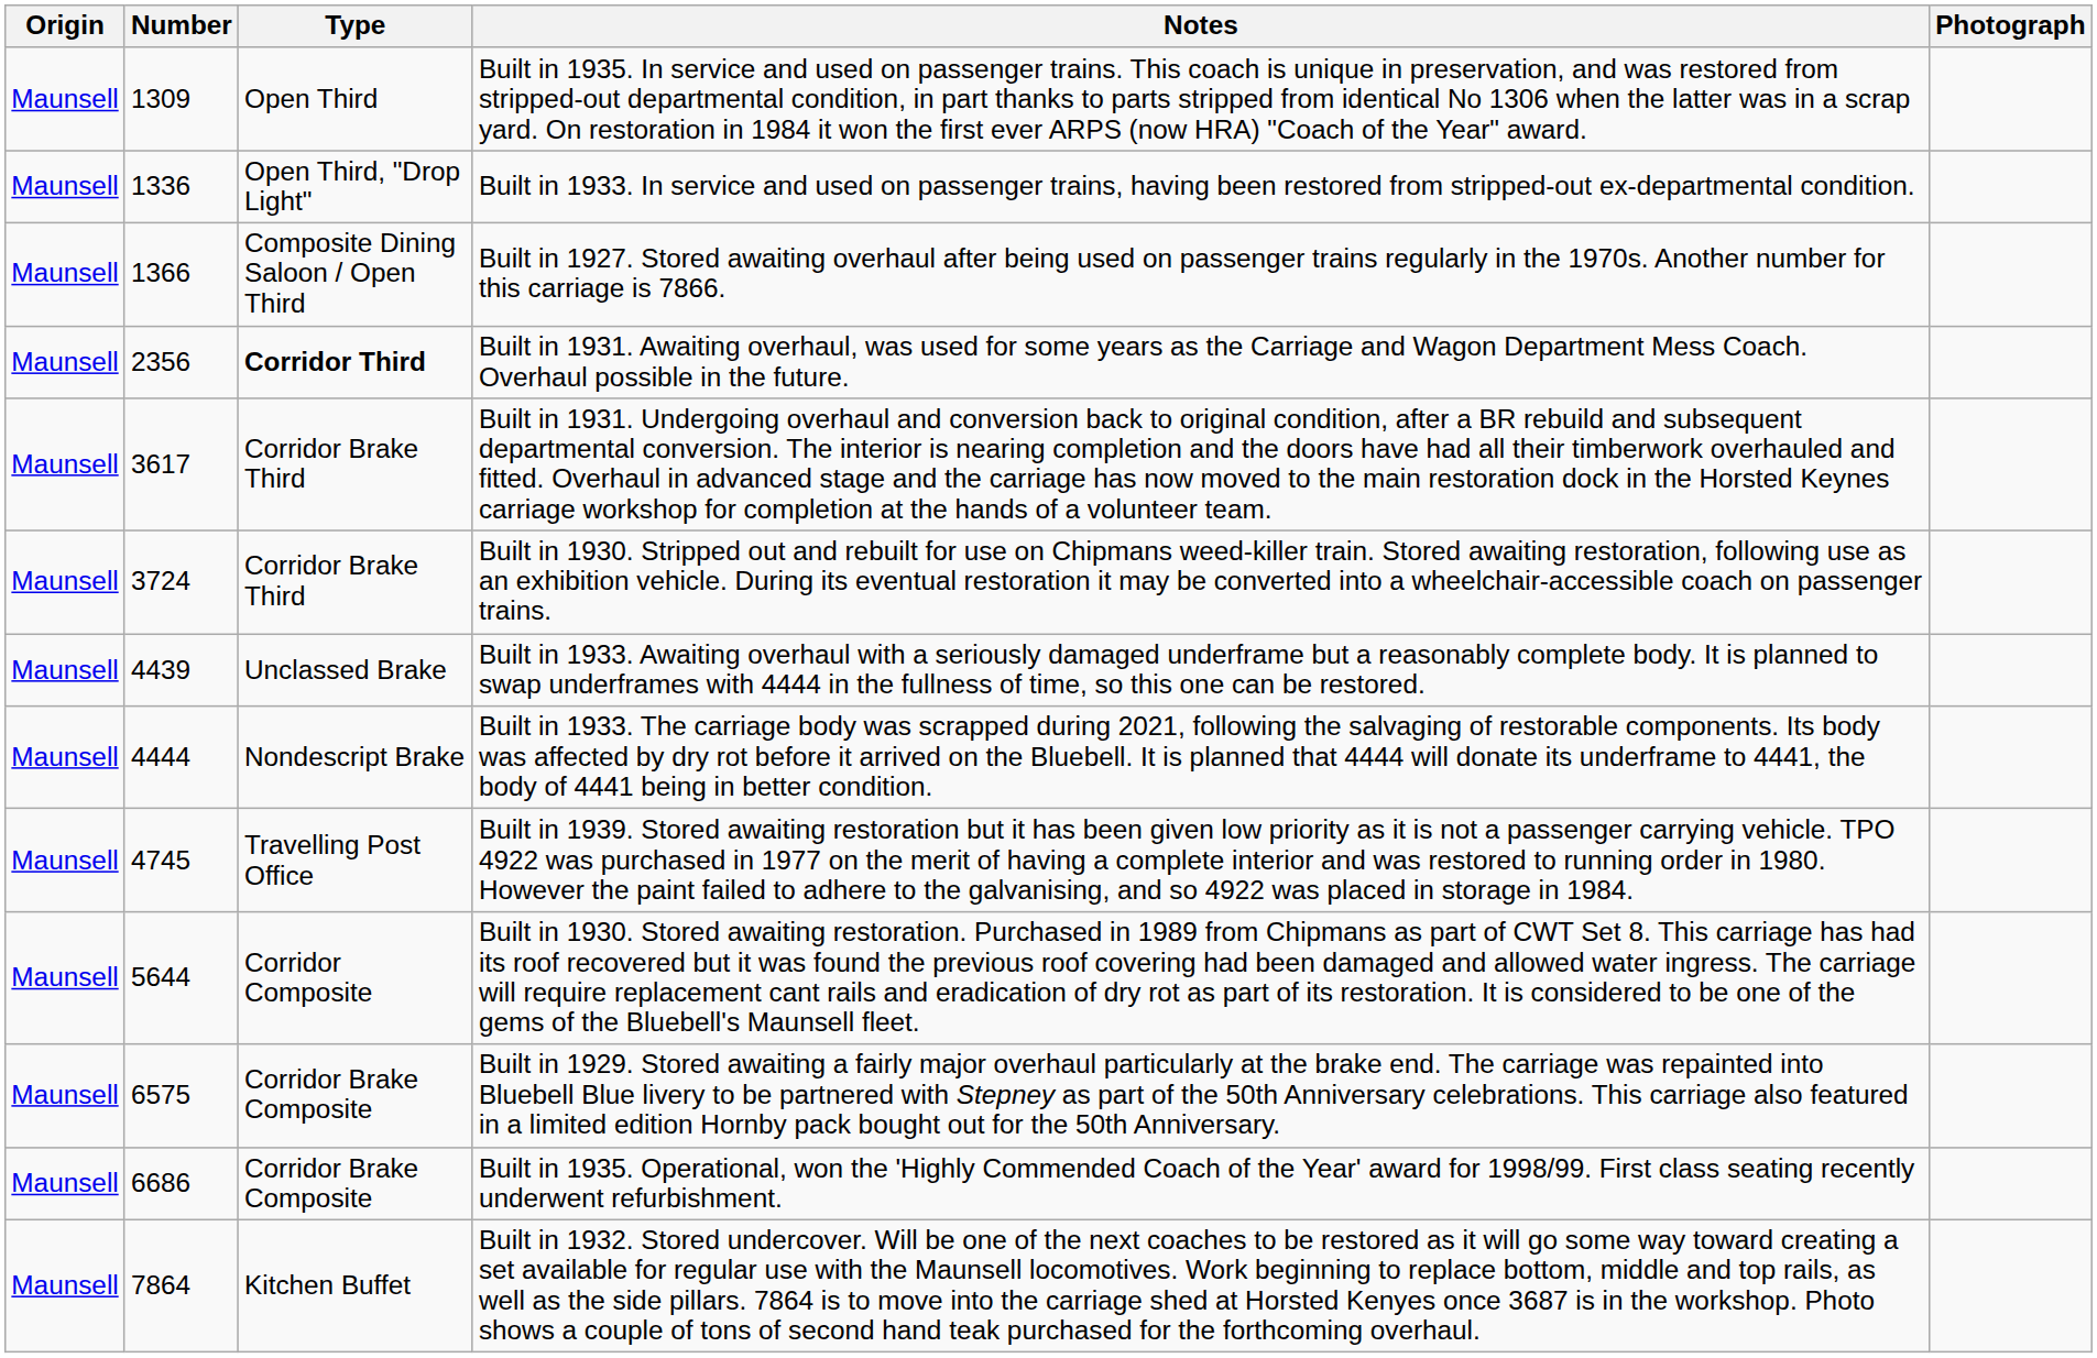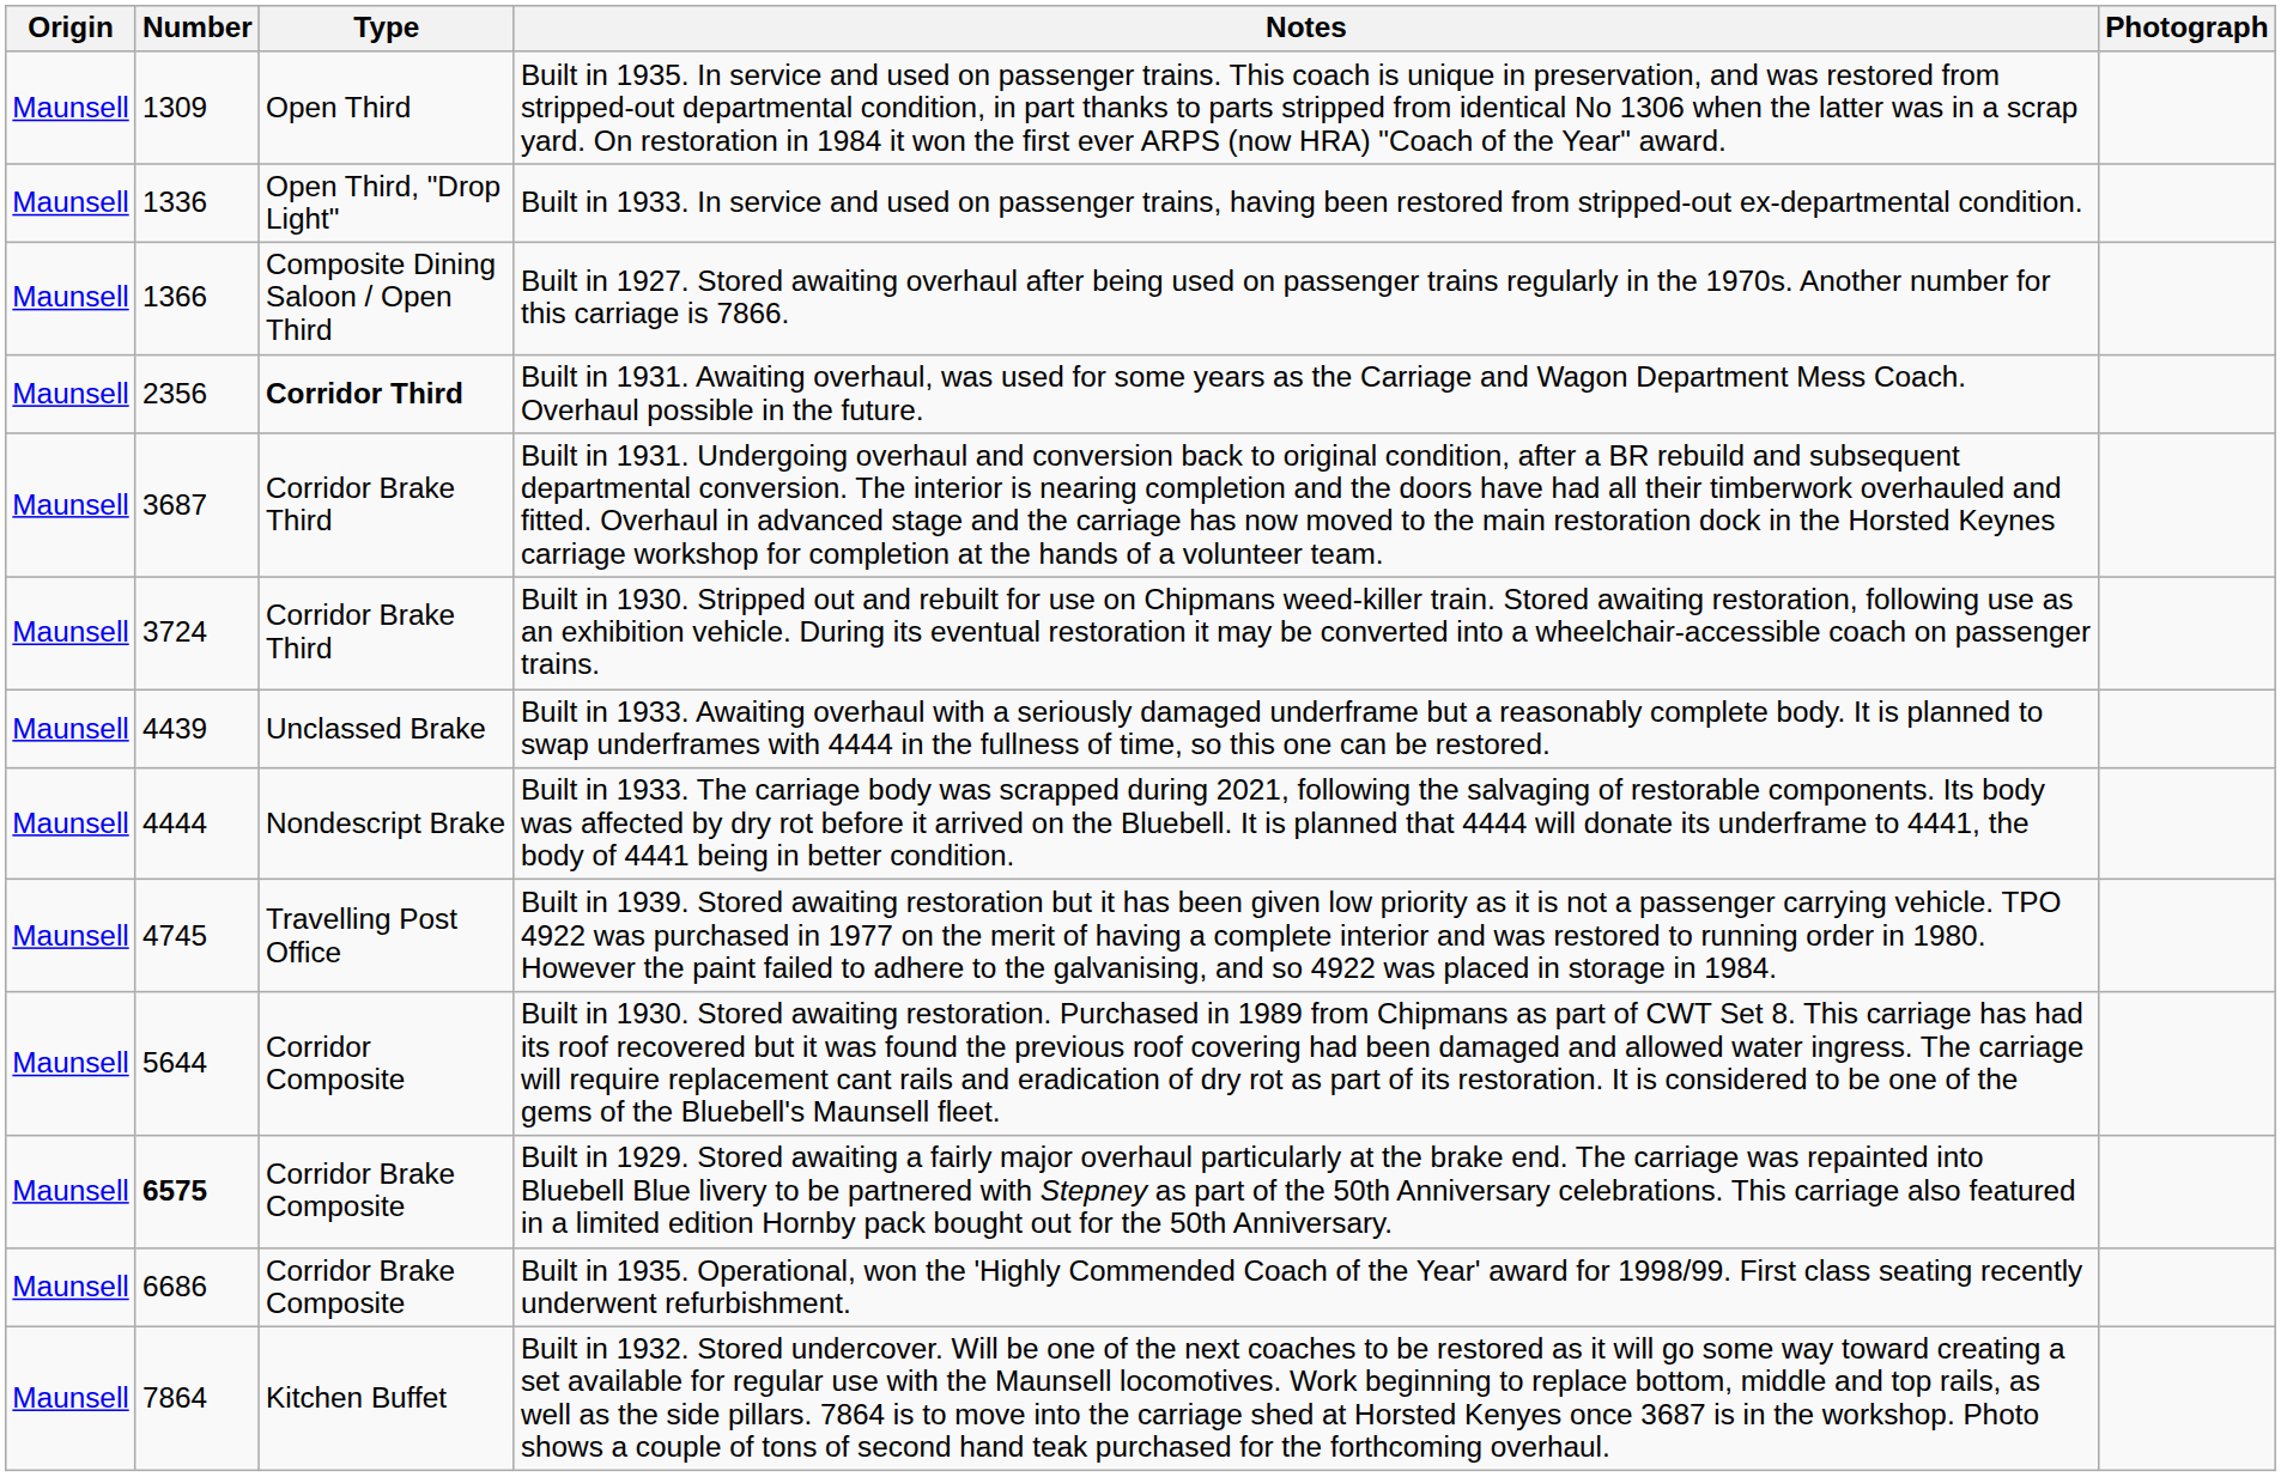 <table class="wikitable">
 <tr>
 <th>Origin</th>
 <th>Number</th>
 <th>Type</th>
 <th>Notes</th>
 <th>Photograph</th>
 </tr>
 <tr>
 <td><a href='#'>Maunsell</a></td>
 <td>1309</td>
 <td>Open Third</td>
 <td>Built in 1935. In service and used on passenger trains. This coach is unique in preservation, and was restored from stripped-out departmental condition, in part thanks to parts stripped from identical No 1306 when the latter was in a scrap yard. On restoration in 1984 it won the first ever ARPS (now HRA) "Coach of the Year" award.</td>
 <td></td>
 </tr>
 <tr>
 <td><a href='#'>Maunsell</a></td>
 <td>1336</td>
 <td>Open Third, "Drop Light"</td>
 <td>Built in 1933. In service and used on passenger trains, having been restored from stripped-out ex-departmental condition.</td>
 <td></td>
 </tr>
 <tr>
 <td><a href='#'>Maunsell</a></td>
 <td>1366</td>
 <td>Composite Dining Saloon / Open Third</td>
 <td>Built in 1927. Stored awaiting overhaul after being used on passenger trains regularly in the 1970s. Another number for this carriage is 7866.</td>
 <td></td>
 </tr>
 <tr>
 <td><a href='#'>Maunsell</a></td>
 <td>2356</td>
 <td><strong>Corridor Third</strong></td>
 <td>Built in 1931. Awaiting overhaul, was used for some years as the Carriage and Wagon Department Mess Coach. Overhaul possible in the future.</td>
 <td></td>
 </tr>
 <tr>
 <td><a href='#'>Maunsell</a></td>
-<td>3617</td>
+<td>3687</td>
 <td>Corridor Brake Third</td>
 <td>Built in 1931. Undergoing overhaul and conversion back to original condition, after a BR rebuild and subsequent departmental conversion. The interior is nearing completion and the doors have had all their timberwork overhauled and fitted. Overhaul in advanced stage and the carriage has now moved to the main restoration dock in the Horsted Keynes carriage workshop for completion at the hands of a volunteer team.</td>
 <td></td>
 </tr>
 <tr>
 <td><a href='#'>Maunsell</a></td>
 <td>3724</td>
 <td>Corridor Brake Third</td>
 <td>Built in 1930. Stripped out and rebuilt for use on Chipmans weed-killer train. Stored awaiting restoration, following use as an exhibition vehicle. During its eventual restoration it may be converted into a wheelchair-accessible coach on passenger trains.</td>
 <td></td>
 </tr>
 <tr>
 <td><a href='#'>Maunsell</a></td>
 <td>4439</td>
 <td>Unclassed Brake</td>
 <td>Built in 1933. Awaiting overhaul with a seriously damaged underframe but a reasonably complete body. It is planned to swap underframes with 4444 in the fullness of time, so this one can be restored.</td>
 <td></td>
 </tr>
 <tr>
 <td><a href='#'>Maunsell</a></td>
 <td>4444</td>
 <td>Nondescript Brake</td>
 <td>Built in 1933. The carriage body was scrapped during 2021, following the salvaging of restorable components. Its body was affected by dry rot before it arrived on the Bluebell. It is planned that 4444 will donate its underframe to 4441, the body of 4441 being in better condition.</td>
 <td></td>
 </tr>
 <tr>
 <td><a href='#'>Maunsell</a></td>
 <td>4745</td>
 <td>Travelling Post Office</td>
 <td>Built in 1939. Stored awaiting restoration but it has been given low priority as it is not a passenger carrying vehicle. TPO 4922 was purchased in 1977 on the merit of having a complete interior and was restored to running order in 1980. However the paint failed to adhere to the galvanising, and so 4922 was placed in storage in 1984.</td>
 <td></td>
 </tr>
 <tr>
 <td><a href='#'>Maunsell</a></td>
 <td>5644</td>
 <td>Corridor Composite</td>
 <td>Built in 1930. Stored awaiting restoration. Purchased in 1989 from Chipmans as part of CWT Set 8. This carriage has had its roof recovered but it was found the previous roof covering had been damaged and allowed water ingress. The carriage will require replacement cant rails and eradication of dry rot as part of its restoration. It is considered to be one of the gems of the Bluebell's Maunsell fleet.</td>
 <td></td>
 </tr>
 <tr>
 <td><a href='#'>Maunsell</a></td>
-<td>6575</td>
+<td><strong>6575</strong></td>
 <td>Corridor Brake Composite</td>
 <td>Built in 1929. Stored awaiting a fairly major overhaul particularly at the brake end. The carriage was repainted into Bluebell Blue livery to be partnered with <em>Stepney</em> as part of the 50th Anniversary celebrations. This carriage also featured in a limited edition Hornby pack bought out for the 50th Anniversary.</td>
 <td></td>
 </tr>
 <tr>
 <td><a href='#'>Maunsell</a></td>
 <td>6686</td>
 <td>Corridor Brake Composite</td>
 <td>Built in 1935. Operational, won the 'Highly Commended Coach of the Year' award for 1998/99. First class seating recently underwent refurbishment.</td>
 <td></td>
 </tr>
 <tr>
 <td><a href='#'>Maunsell</a></td>
 <td>7864</td>
 <td>Kitchen Buffet</td>
 <td>Built in 1932. Stored undercover. Will be one of the next coaches to be restored as it will go some way toward creating a set available for regular use with the Maunsell locomotives. Work beginning to replace bottom, middle and top rails, as well as the side pillars. 7864 is to move into the carriage shed at Horsted Kenyes once 3687 is in the workshop. Photo shows a couple of tons of second hand teak purchased for the forthcoming overhaul.</td>
 <td></td>
 </tr>
 </table>
